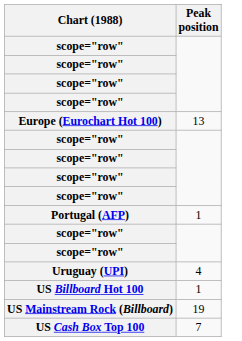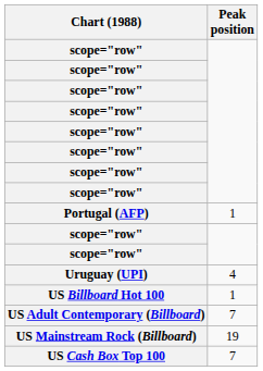 <table class="wikitable sortable plainrowheaders">
 <tr>
 <th>Chart (1988)</th>
 <th>Peak<br>position</th>
 </tr>
 <tr>
 <th>scope="row" </th>
 </tr>
 <tr>
 <th>scope="row" </th>
 </tr>
 <tr>
 <th>scope="row" </th>
 </tr>
 <tr>
 <th>scope="row" </th>
-</tr>
-<tr>
-<th scope="row">Europe (<a href='#'>Eurochart Hot 100</a>)</th>
-<td align="center">13</td>
 </tr>
 <tr>
 <th>scope="row" </th>
 </tr>
 <tr>
 <th>scope="row" </th>
 </tr>
 <tr>
 <th>scope="row" </th>
 </tr>
 <tr>
 <th>scope="row" </th>
 </tr>
 <tr>
 <th scope="row">Portugal (<a href='#'>AFP</a>)</th>
 <td align="center">1</td>
 </tr>
 <tr>
 <th>scope="row" </th>
 </tr>
 <tr>
 <th>scope="row" </th>
 </tr>
 <tr>
 <th scope="row">Uruguay (<a href='#'>UPI</a>)</th>
 <td align="center">4</td>
 </tr>
 <tr>
 <th scope="row">US <a href='#'><em>Billboard</em> Hot 100</a></th>
 <td align="center">1</td>
 </tr>
 <tr>
+<th scope="row">US <a href='#'>Adult Contemporary</a> (<a href='#'><em>Billboard</em></a>)</th>
+<td align="center">7</td>
+</tr>
+<tr>
 <th scope="row">US <a href='#'>Mainstream Rock</a> (<em>Billboard</em>)</th>
 <td align="center">19</td>
 </tr>
 <tr>
 <th scope="row">US <a href='#'><em>Cash Box</em> Top 100</a></th>
 <td align="center">7</td>
 </tr>
 </table>
